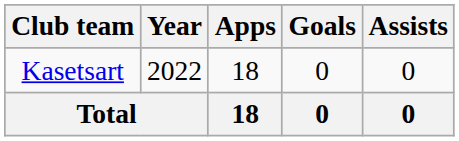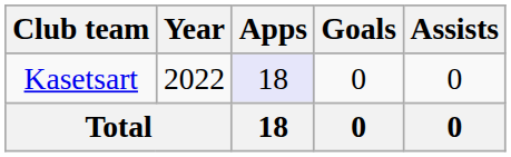 <table class=wikitable style="text-align: center;">
 <tr>
 <th>Club team</th>
 <th>Year</th>
 <th>Apps</th>
 <th>Goals</th>
 <th>Assists</th>
 </tr>
 <tr>
 <td rowspan=1><a href='#'>Kasetsart</a></td>
 <td>2022</td>
-<td>18</td>
+<td style="background: lavender;">18</td>
 <td>0</td>
 <td>0</td>
 </tr>
 <tr>
 <th colspan=2>Total</th>
 <th>18</th>
 <th>0</th>
 <th>0</th>
 </tr>
 </table>
